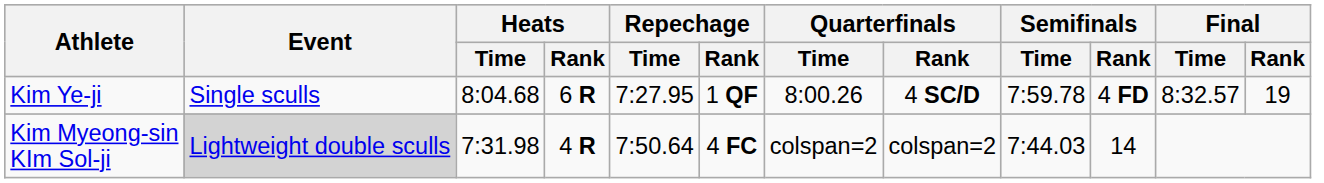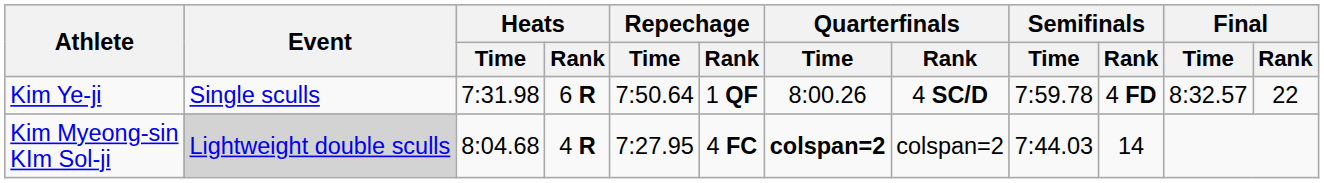 <table class="wikitable" style="font-size:90%">
 <tr>
 <th rowspan=2>Athlete</th>
 <th rowspan=2>Event</th>
 <th colspan="2">Heats</th>
 <th colspan="2">Repechage</th>
 <th colspan=2>Quarterfinals</th>
 <th colspan="2">Semifinals</th>
 <th colspan="2">Final</th>
 </tr>
 <tr style="font-size:95%">
 <th>Time</th>
 <th>Rank</th>
 <th>Time</th>
 <th>Rank</th>
 <th>Time</th>
 <th>Rank</th>
 <th>Time</th>
 <th>Rank</th>
 <th>Time</th>
 <th>Rank</th>
 </tr>
 <tr align=center>
 <td align=left><a href='#'>Kim Ye-ji</a></td>
 <td align=left><a href='#'>Single sculls</a></td>
-<td>8:04.68</td>
+<td>7:31.98</td>
 <td>6 <strong>R</strong></td>
-<td>7:27.95</td>
+<td>7:50.64</td>
 <td>1 <strong>QF</strong></td>
 <td>8:00.26</td>
 <td>4 <strong>SC/D</strong></td>
 <td>7:59.78</td>
 <td>4 <strong>FD</strong></td>
 <td>8:32.57</td>
-<td>19</td>
+<td>22</td>
 </tr>
 <tr align=center>
 <td align=left><a href='#'>Kim Myeong-sin</a><br><a href='#'>KIm Sol-ji</a></td>
 <td align=left style="background: lightgrey;"><a href='#'>Lightweight double sculls</a></td>
-<td>7:31.98</td>
+<td>8:04.68</td>
 <td>4 <strong>R</strong></td>
-<td>7:50.64</td>
+<td>7:27.95</td>
 <td>4 <strong>FC</strong></td>
-<td>colspan=2 </td>
+<td><strong>colspan=2 </strong></td>
 <td>colspan=2 </td>
 <td>7:44.03</td>
 <td>14</td>
 </tr>
 </table>
